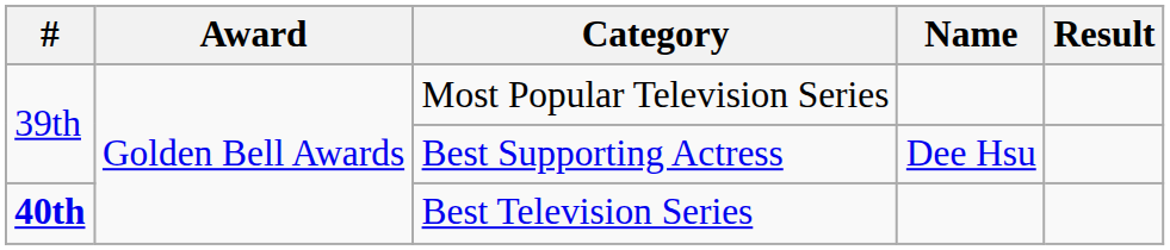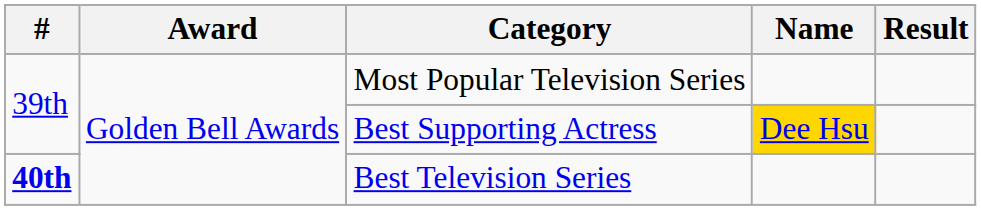 <table class="wikitable">
 <tr>
 <th>#</th>
 <th>Award</th>
 <th>Category</th>
 <th>Name</th>
 <th>Result</th>
 </tr>
 <tr>
 <td rowspan=2><a href='#'>39th</a></td>
 <td rowspan=3><a href='#'>Golden Bell Awards</a></td>
 <td>Most Popular Television Series</td>
 <td></td>
 <td></td>
 </tr>
 <tr>
 <td><a href='#'>Best Supporting Actress</a></td>
-<td><a href='#'>Dee Hsu</a></td>
+<td style="background: gold;"><a href='#'>Dee Hsu</a></td>
 <td></td>
 </tr>
 <tr>
 <td><strong><a href='#'>40th</a></strong></td>
 <td><a href='#'>Best Television Series</a></td>
 <td></td>
 <td></td>
 </tr>
 </table>
